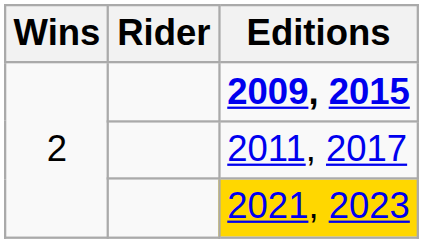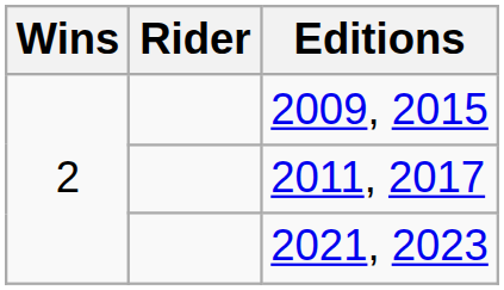 <table class="wikitable">
 <tr>
 <th>Wins</th>
 <th>Rider</th>
 <th>Editions</th>
 </tr>
 <tr>
 <td style="text-align:center;" rowspan=3>2</td>
 <td></td>
-<td><strong><a href='#'>2009</a>, <a href='#'>2015</a></strong></td>
+<td><a href='#'>2009</a>, <a href='#'>2015</a></td>
 </tr>
 <tr>
 <td></td>
 <td><a href='#'>2011</a>, <a href='#'>2017</a></td>
 </tr>
 <tr>
 <td></td>
-<td style="background: gold;"><a href='#'>2021</a>, <a href='#'>2023</a></td>
+<td><a href='#'>2021</a>, <a href='#'>2023</a></td>
 </tr>
 </table>
